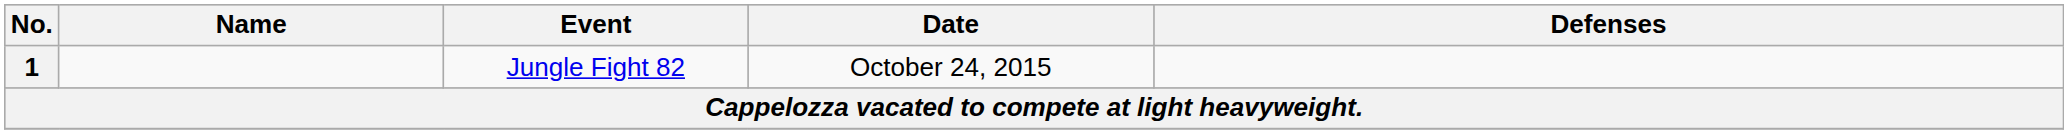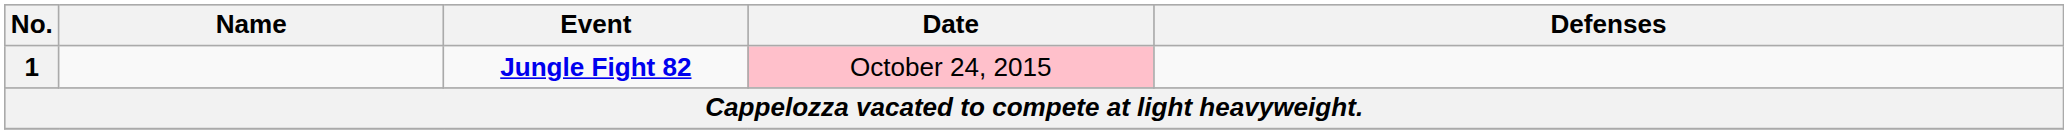 <table class="wikitable" width=100%>
 <tr>
 <th width=1%>No.</th>
 <th width=19%>Name</th>
 <th width=15%>Event</th>
 <th width=20%>Date</th>
 <th width=45%>Defenses</th>
 </tr>
 <tr>
 <th>1</th>
 <td align=left><br></td>
-<td align=center><a href='#'>Jungle Fight 82</a><br></td>
-<td align=center>October 24, 2015</td>
+<td align=center><strong><a href='#'>Jungle Fight 82</a><br></strong></td>
+<td align=center style="background: pink;">October 24, 2015</td>
 <td></td>
 </tr>
 <tr>
 <th colspan=6 align=center><em>Cappelozza vacated to compete at light heavyweight.</em></th>
 </tr>
 <tr>
 </tr>
 </table>
